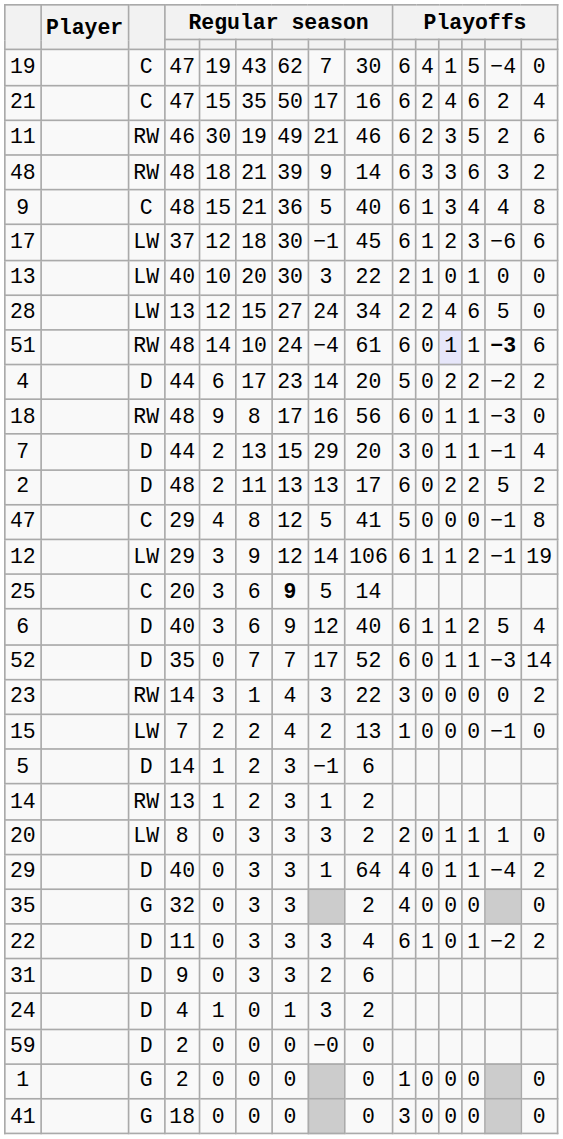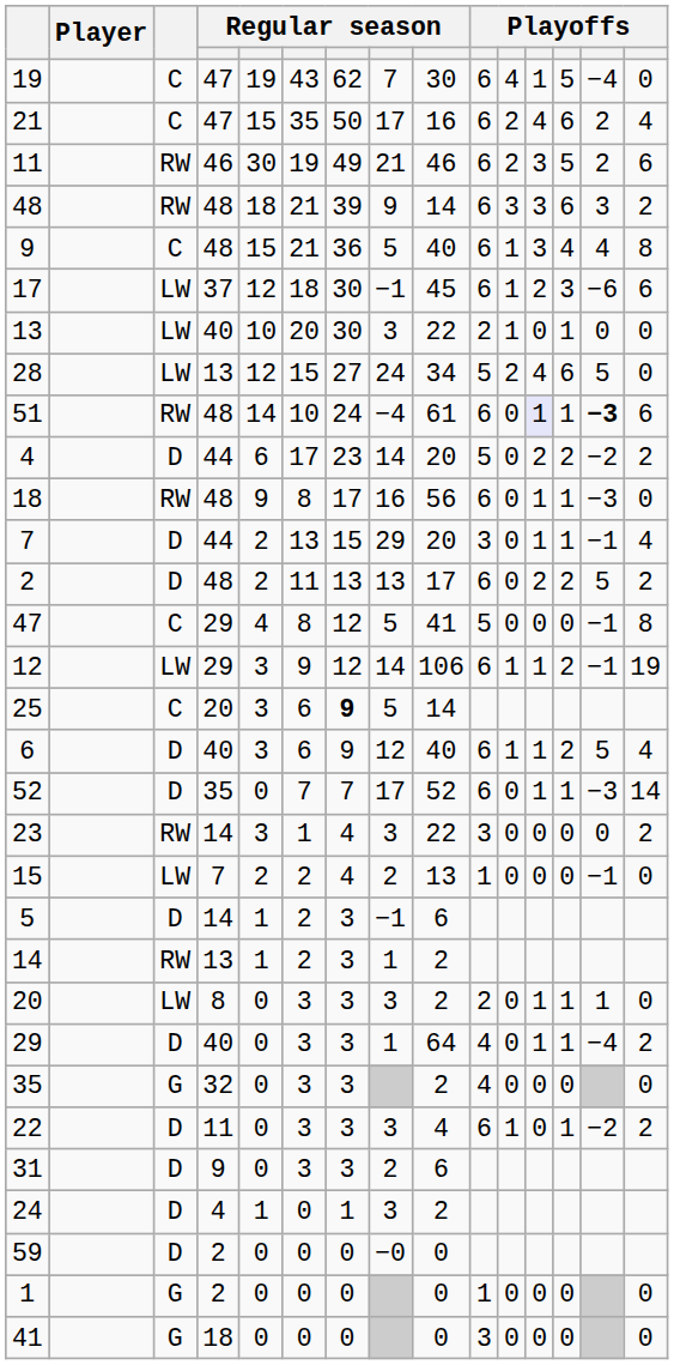 <table class="wikitable sortable plainrowheaders" style="text-align:center;">
 <tr>
 <th scope="col" data-sort-type="number" rowspan="2"></th>
 <th scope="col" rowspan="2">Player</th>
 <th scope="col" rowspan="2"></th>
 <th scope=colgroup colspan=6>Regular season</th>
 <th scope=colgroup colspan=6>Playoffs</th>
 </tr>
 <tr>
 <th scope="col" data-sort-type="number"></th>
 <th scope="col" data-sort-type="number"></th>
 <th scope="col" data-sort-type="number"></th>
 <th scope="col" data-sort-type="number"></th>
 <th scope="col" data-sort-type="number"></th>
 <th scope="col" data-sort-type="number"></th>
 <th scope="col" data-sort-type="number"></th>
 <th scope="col" data-sort-type="number"></th>
 <th scope="col" data-sort-type="number"></th>
 <th scope="col" data-sort-type="number"></th>
 <th scope="col" data-sort-type="number"></th>
 <th scope="col" data-sort-type="number"></th>
 </tr>
 <tr>
 <td scope="row">19</td>
 <td align="left"></td>
 <td>C</td>
 <td>47</td>
 <td>19</td>
 <td>43</td>
 <td>62</td>
 <td>7</td>
 <td>30</td>
 <td>6</td>
 <td>4</td>
 <td>1</td>
 <td>5</td>
 <td>−4</td>
 <td>0</td>
 </tr>
 <tr>
 <td scope="row">21</td>
 <td align="left"></td>
 <td>C</td>
 <td>47</td>
 <td>15</td>
 <td>35</td>
 <td>50</td>
 <td>17</td>
 <td>16</td>
 <td>6</td>
 <td>2</td>
 <td>4</td>
 <td>6</td>
 <td>2</td>
 <td>4</td>
 </tr>
 <tr>
 <td scope="row">11</td>
 <td align="left"></td>
 <td>RW</td>
 <td>46</td>
 <td>30</td>
 <td>19</td>
 <td>49</td>
 <td>21</td>
 <td>46</td>
 <td>6</td>
 <td>2</td>
 <td>3</td>
 <td>5</td>
 <td>2</td>
 <td>6</td>
 </tr>
 <tr>
 <td scope="row">48</td>
 <td align="left"></td>
 <td>RW</td>
 <td>48</td>
 <td>18</td>
 <td>21</td>
 <td>39</td>
 <td>9</td>
 <td>14</td>
 <td>6</td>
 <td>3</td>
 <td>3</td>
 <td>6</td>
 <td>3</td>
 <td>2</td>
 </tr>
 <tr>
 <td scope="row">9</td>
 <td align="left"></td>
 <td>C</td>
 <td>48</td>
 <td>15</td>
 <td>21</td>
 <td>36</td>
 <td>5</td>
 <td>40</td>
 <td>6</td>
 <td>1</td>
 <td>3</td>
 <td>4</td>
 <td>4</td>
 <td>8</td>
 </tr>
 <tr>
 <td scope="row">17</td>
 <td align="left"></td>
 <td>LW</td>
 <td>37</td>
 <td>12</td>
 <td>18</td>
 <td>30</td>
 <td>−1</td>
 <td>45</td>
 <td>6</td>
 <td>1</td>
 <td>2</td>
 <td>3</td>
 <td>−6</td>
 <td>6</td>
 </tr>
 <tr>
 <td scope="row">13</td>
 <td align="left"></td>
 <td>LW</td>
 <td>40</td>
 <td>10</td>
 <td>20</td>
 <td>30</td>
 <td>3</td>
 <td>22</td>
 <td>2</td>
 <td>1</td>
 <td>0</td>
 <td>1</td>
 <td>0</td>
 <td>0</td>
 </tr>
 <tr>
 <td scope="row">28</td>
 <td align="left"></td>
 <td>LW</td>
 <td>13</td>
 <td>12</td>
 <td>15</td>
 <td>27</td>
 <td>24</td>
 <td>34</td>
-<td>2</td>
+<td>5</td>
 <td>2</td>
 <td>4</td>
 <td>6</td>
 <td>5</td>
 <td>0</td>
 </tr>
 <tr>
 <td scope="row">51</td>
 <td align="left"></td>
 <td>RW</td>
 <td>48</td>
 <td>14</td>
 <td>10</td>
 <td>24</td>
 <td>−4</td>
 <td>61</td>
 <td>6</td>
 <td>0</td>
 <td style="background: lavender;">1</td>
 <td>1</td>
 <td><strong>−3</strong></td>
 <td>6</td>
 </tr>
 <tr>
 <td scope="row">4</td>
 <td align="left"></td>
 <td>D</td>
 <td>44</td>
 <td>6</td>
 <td>17</td>
 <td>23</td>
 <td>14</td>
 <td>20</td>
 <td>5</td>
 <td>0</td>
 <td>2</td>
 <td>2</td>
 <td>−2</td>
 <td>2</td>
 </tr>
 <tr>
 <td scope="row">18</td>
 <td align="left"></td>
 <td>RW</td>
 <td>48</td>
 <td>9</td>
 <td>8</td>
 <td>17</td>
 <td>16</td>
 <td>56</td>
 <td>6</td>
 <td>0</td>
 <td>1</td>
 <td>1</td>
 <td>−3</td>
 <td>0</td>
 </tr>
 <tr>
 <td scope="row">7</td>
 <td align="left"></td>
 <td>D</td>
 <td>44</td>
 <td>2</td>
 <td>13</td>
 <td>15</td>
 <td>29</td>
 <td>20</td>
 <td>3</td>
 <td>0</td>
 <td>1</td>
 <td>1</td>
 <td>−1</td>
 <td>4</td>
 </tr>
 <tr>
 <td scope="row">2</td>
 <td align="left"></td>
 <td>D</td>
 <td>48</td>
 <td>2</td>
 <td>11</td>
 <td>13</td>
 <td>13</td>
 <td>17</td>
 <td>6</td>
 <td>0</td>
 <td>2</td>
 <td>2</td>
 <td>5</td>
 <td>2</td>
 </tr>
 <tr>
 <td scope="row">47</td>
 <td align="left"></td>
 <td>C</td>
 <td>29</td>
 <td>4</td>
 <td>8</td>
 <td>12</td>
 <td>5</td>
 <td>41</td>
 <td>5</td>
 <td>0</td>
 <td>0</td>
 <td>0</td>
 <td>−1</td>
 <td>8</td>
 </tr>
 <tr>
 <td scope="row">12</td>
 <td align="left"></td>
 <td>LW</td>
 <td>29</td>
 <td>3</td>
 <td>9</td>
 <td>12</td>
 <td>14</td>
 <td>106</td>
 <td>6</td>
 <td>1</td>
 <td>1</td>
 <td>2</td>
 <td>−1</td>
 <td>19</td>
 </tr>
 <tr>
 <td scope="row">25</td>
 <td align="left"></td>
 <td>C</td>
 <td>20</td>
 <td>3</td>
 <td>6</td>
 <td><strong>9</strong></td>
 <td>5</td>
 <td>14</td>
 <td></td>
 <td></td>
 <td></td>
 <td></td>
 <td></td>
 <td></td>
 </tr>
 <tr>
 <td scope="row">6</td>
 <td align="left"></td>
 <td>D</td>
 <td>40</td>
 <td>3</td>
 <td>6</td>
 <td>9</td>
 <td>12</td>
 <td>40</td>
 <td>6</td>
 <td>1</td>
 <td>1</td>
 <td>2</td>
 <td>5</td>
 <td>4</td>
 </tr>
 <tr>
 <td scope="row">52</td>
 <td align="left"></td>
 <td>D</td>
 <td>35</td>
 <td>0</td>
 <td>7</td>
 <td>7</td>
 <td>17</td>
 <td>52</td>
 <td>6</td>
 <td>0</td>
 <td>1</td>
 <td>1</td>
 <td>−3</td>
 <td>14</td>
 </tr>
 <tr>
 <td scope="row">23</td>
 <td align="left"></td>
 <td>RW</td>
 <td>14</td>
 <td>3</td>
 <td>1</td>
 <td>4</td>
 <td>3</td>
 <td>22</td>
 <td>3</td>
 <td>0</td>
 <td>0</td>
 <td>0</td>
 <td>0</td>
 <td>2</td>
 </tr>
 <tr>
 <td scope="row">15</td>
 <td align="left"></td>
 <td>LW</td>
 <td>7</td>
 <td>2</td>
 <td>2</td>
 <td>4</td>
 <td>2</td>
 <td>13</td>
 <td>1</td>
 <td>0</td>
 <td>0</td>
 <td>0</td>
 <td>−1</td>
 <td>0</td>
 </tr>
 <tr>
 <td scope="row">5</td>
 <td align="left"></td>
 <td>D</td>
 <td>14</td>
 <td>1</td>
 <td>2</td>
 <td>3</td>
 <td>−1</td>
 <td>6</td>
 <td></td>
 <td></td>
 <td></td>
 <td></td>
 <td></td>
 <td></td>
 </tr>
 <tr>
 <td scope="row">14</td>
 <td align="left"></td>
 <td>RW</td>
 <td>13</td>
 <td>1</td>
 <td>2</td>
 <td>3</td>
 <td>1</td>
 <td>2</td>
 <td></td>
 <td></td>
 <td></td>
 <td></td>
 <td></td>
 <td></td>
 </tr>
 <tr>
 <td scope="row">20</td>
 <td align="left"></td>
 <td>LW</td>
 <td>8</td>
 <td>0</td>
 <td>3</td>
 <td>3</td>
 <td>3</td>
 <td>2</td>
 <td>2</td>
 <td>0</td>
 <td>1</td>
 <td>1</td>
 <td>1</td>
 <td>0</td>
 </tr>
 <tr>
 <td scope="row">29</td>
 <td align="left"></td>
 <td>D</td>
 <td>40</td>
 <td>0</td>
 <td>3</td>
 <td>3</td>
 <td>1</td>
 <td>64</td>
 <td>4</td>
 <td>0</td>
 <td>1</td>
 <td>1</td>
 <td>−4</td>
 <td>2</td>
 </tr>
 <tr>
 <td scope="row">35</td>
 <td align="left"></td>
 <td>G</td>
 <td>32</td>
 <td>0</td>
 <td>3</td>
 <td>3</td>
 <td style="background:#ccc"></td>
 <td>2</td>
 <td>4</td>
 <td>0</td>
 <td>0</td>
 <td>0</td>
 <td style="background:#ccc"></td>
 <td>0</td>
 </tr>
 <tr>
 <td scope="row">22</td>
 <td align="left"></td>
 <td>D</td>
 <td>11</td>
 <td>0</td>
 <td>3</td>
 <td>3</td>
 <td>3</td>
 <td>4</td>
 <td>6</td>
 <td>1</td>
 <td>0</td>
 <td>1</td>
 <td>−2</td>
 <td>2</td>
 </tr>
 <tr>
 <td scope="row">31</td>
 <td align="left"></td>
 <td>D</td>
 <td>9</td>
 <td>0</td>
 <td>3</td>
 <td>3</td>
 <td>2</td>
 <td>6</td>
 <td></td>
 <td></td>
 <td></td>
 <td></td>
 <td></td>
 <td></td>
 </tr>
 <tr>
 <td scope="row">24</td>
 <td align="left"></td>
 <td>D</td>
 <td>4</td>
 <td>1</td>
 <td>0</td>
 <td>1</td>
 <td>3</td>
 <td>2</td>
 <td></td>
 <td></td>
 <td></td>
 <td></td>
 <td></td>
 <td></td>
 </tr>
 <tr>
 <td scope="row">59</td>
 <td align="left"></td>
 <td>D</td>
 <td>2</td>
 <td>0</td>
 <td>0</td>
 <td>0</td>
 <td>−0</td>
 <td>0</td>
 <td></td>
 <td></td>
 <td></td>
 <td></td>
 <td></td>
 <td></td>
 </tr>
 <tr>
 <td scope="row">1</td>
 <td align="left"></td>
 <td>G</td>
 <td>2</td>
 <td>0</td>
 <td>0</td>
 <td>0</td>
 <td style="background:#ccc"></td>
 <td>0</td>
 <td>1</td>
 <td>0</td>
 <td>0</td>
 <td>0</td>
 <td style="background:#ccc"></td>
 <td>0</td>
 </tr>
 <tr>
 <td scope="row">41</td>
 <td align="left"></td>
 <td>G</td>
 <td>18</td>
 <td>0</td>
 <td>0</td>
 <td>0</td>
 <td style="background:#ccc"></td>
 <td>0</td>
 <td>3</td>
 <td>0</td>
 <td>0</td>
 <td>0</td>
 <td style="background:#ccc"></td>
 <td>0</td>
 </tr>
 </table>
